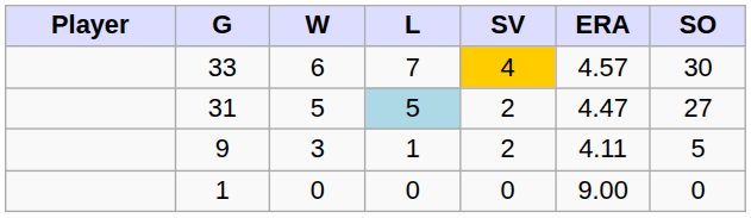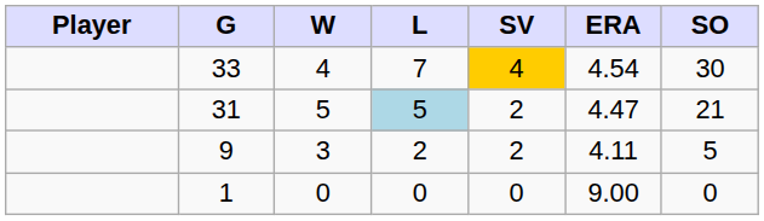 <table class="wikitable sortable">
 <tr>
 <th style="background:#ddf; width:16%;">Player</th>
 <th style="background:#ddf; width:9%;">G</th>
 <th style="background:#ddf; width:9%;">W</th>
 <th style="background:#ddf; width:9%;">L</th>
 <th style="background:#ddf; width:9%;">SV</th>
 <th style="background:#ddf; width:9%;">ERA</th>
 <th style="background:#ddf; width:9%;">SO</th>
 </tr>
 <tr style="text-align:center;">
 <td></td>
 <td>33</td>
-<td>6</td>
+<td>4</td>
 <td>7</td>
 <td style="background:#fc0;">4</td>
-<td>4.57</td>
+<td>4.54</td>
 <td>30</td>
 </tr>
 <tr style="text-align:center;">
 <td></td>
 <td>31</td>
 <td>5</td>
 <td style="background: lightblue;">5</td>
 <td>2</td>
 <td>4.47</td>
-<td>27</td>
+<td>21</td>
 </tr>
 <tr style="text-align:center;">
 <td></td>
 <td>9</td>
 <td>3</td>
-<td>1</td>
+<td>2</td>
 <td>2</td>
 <td>4.11</td>
 <td>5</td>
 </tr>
 <tr style="text-align:center;">
 <td></td>
 <td>1</td>
 <td>0</td>
 <td>0</td>
 <td>0</td>
 <td>9.00</td>
 <td>0</td>
 </tr>
 </table>
